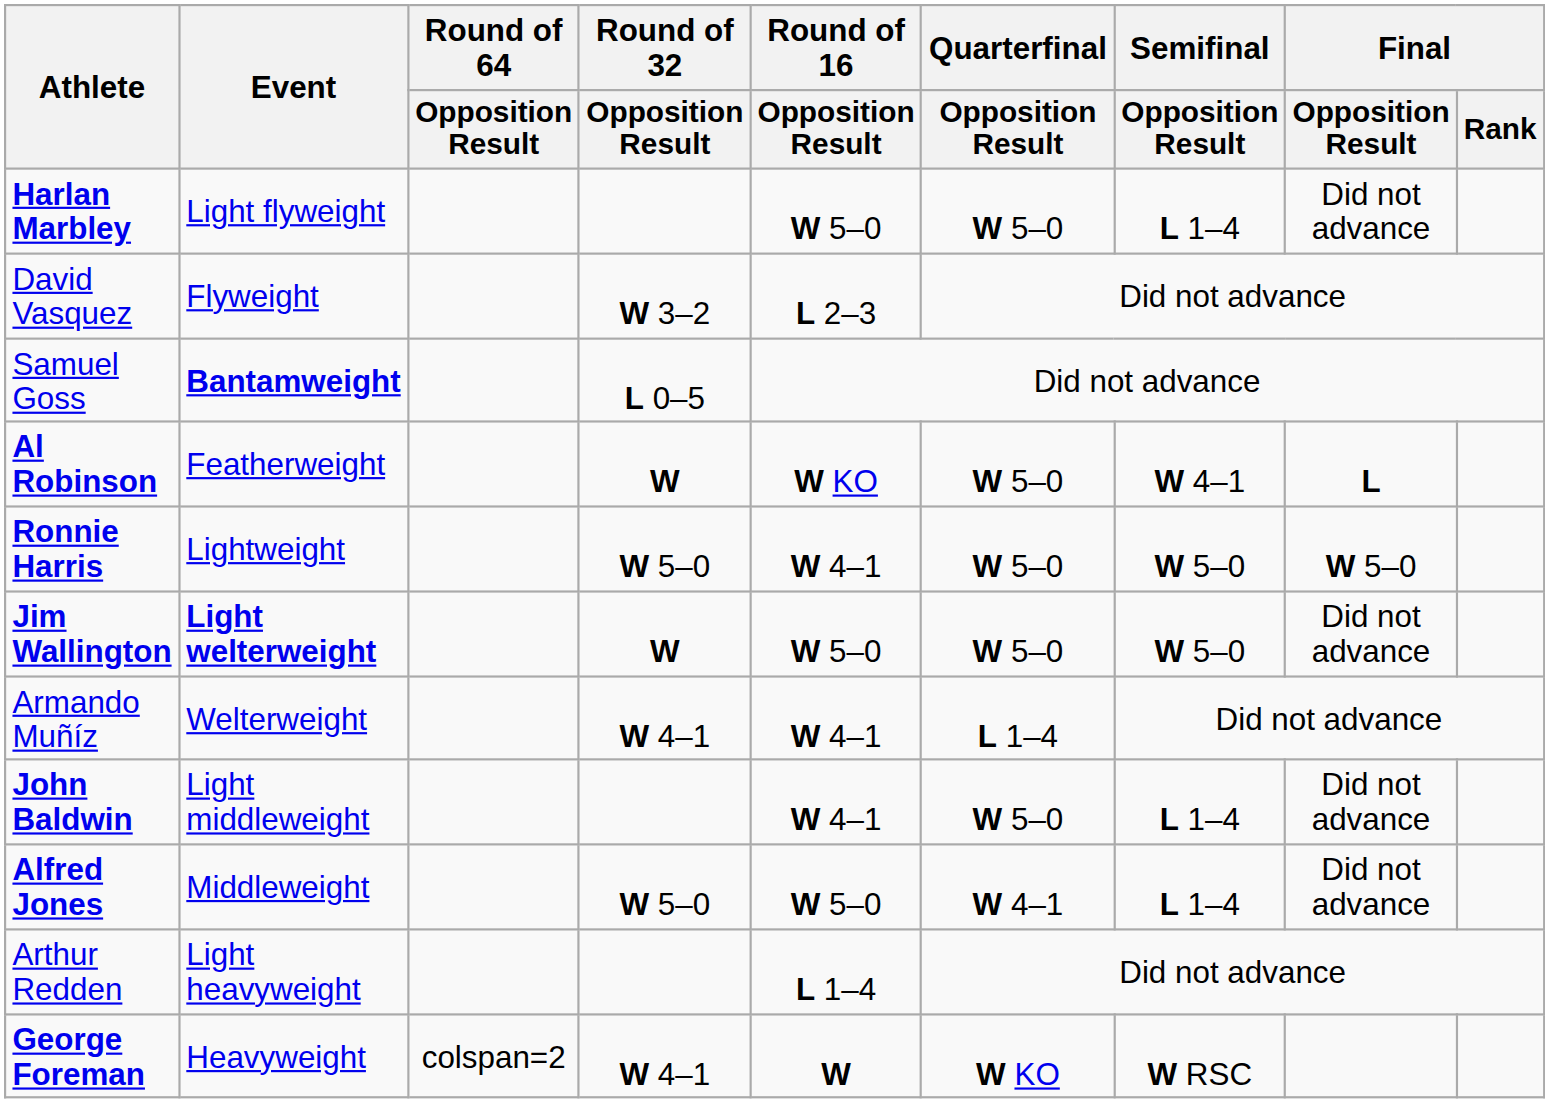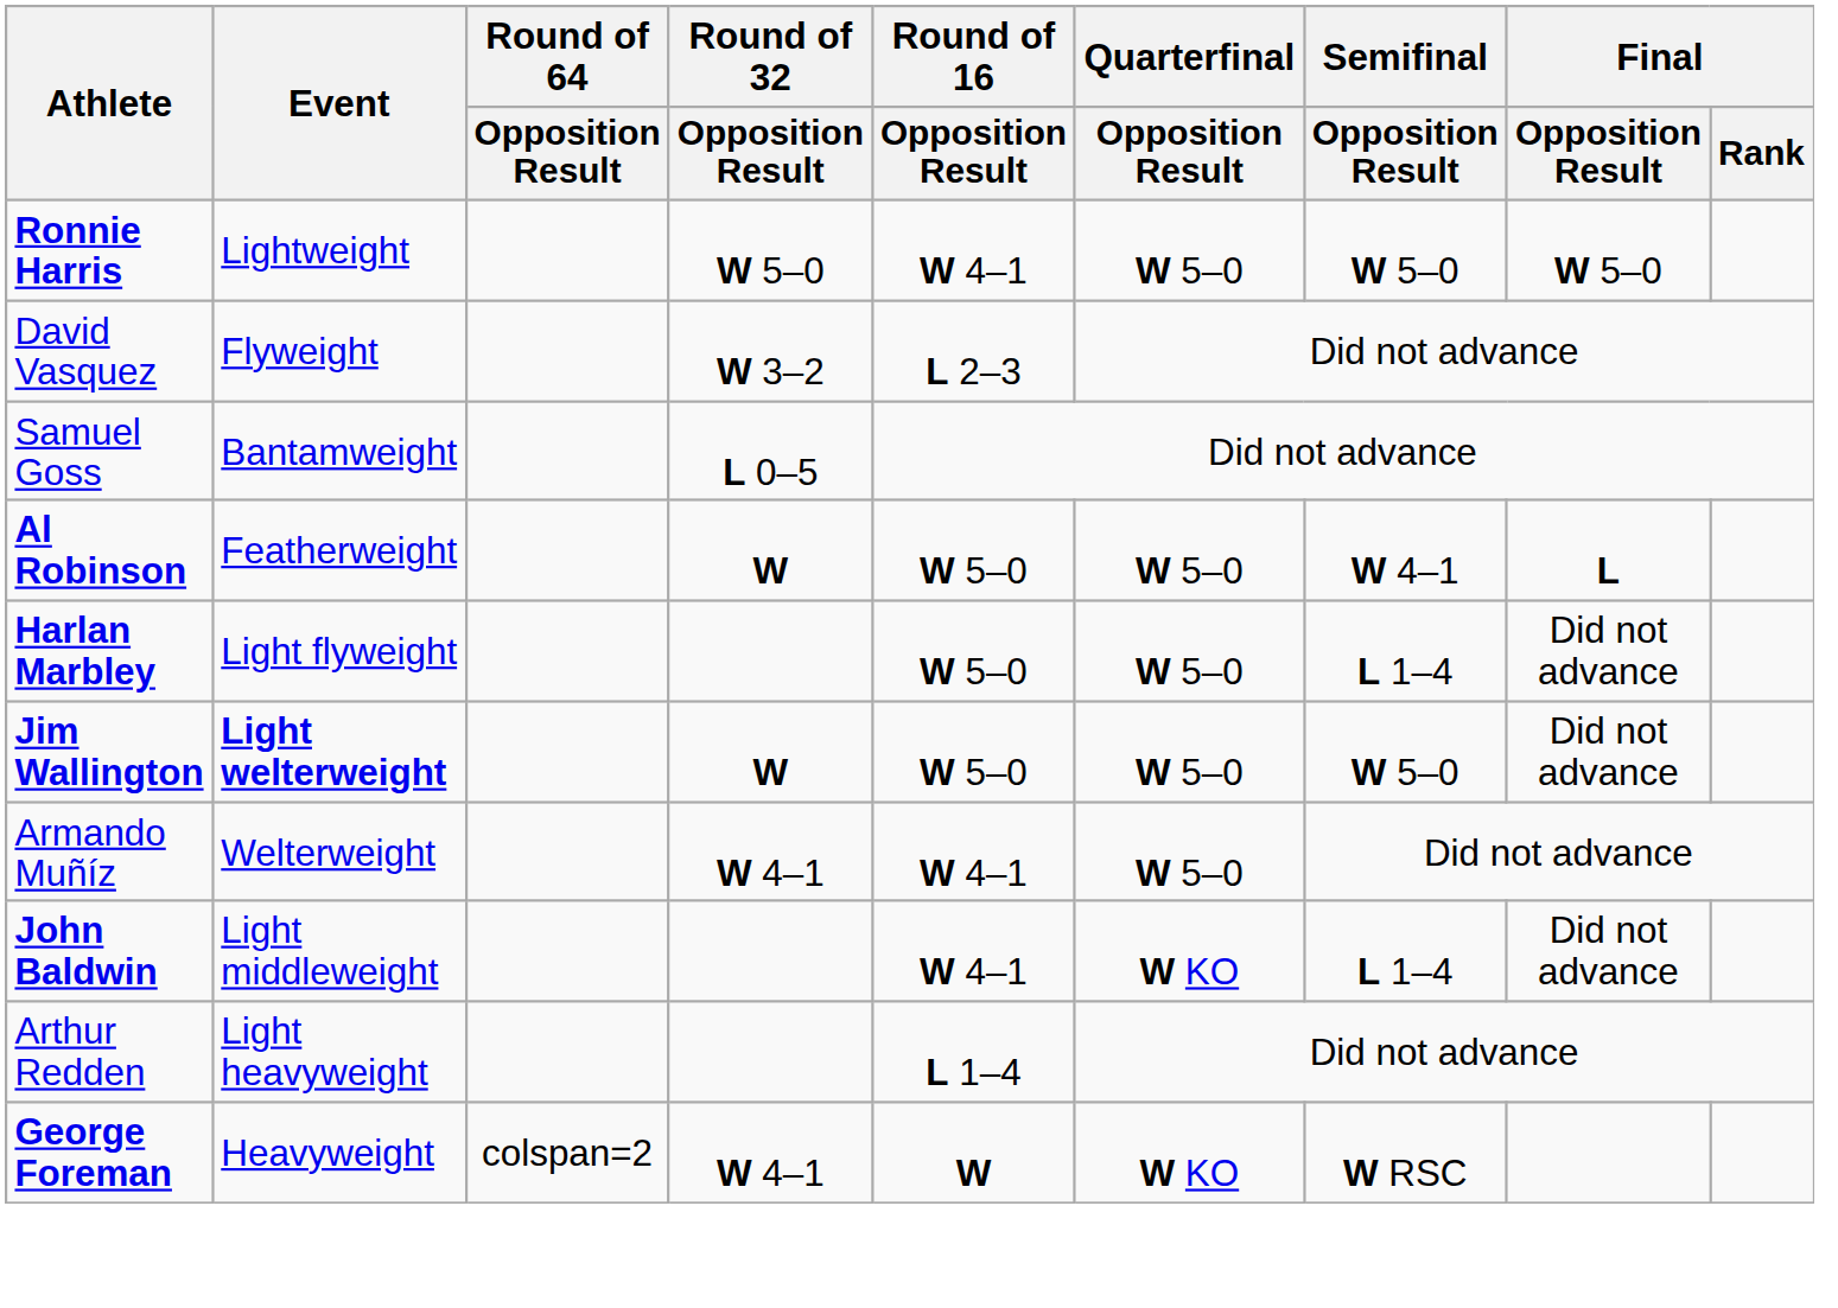 <table class=wikitable style=font-size:90%;text-align:center>
 <tr>
 <th rowspan=2>Athlete</th>
 <th rowspan=2>Event</th>
 <th>Round of 64</th>
 <th>Round of 32</th>
 <th>Round of 16</th>
 <th>Quarterfinal</th>
 <th>Semifinal</th>
 <th colspan=2>Final</th>
 </tr>
 <tr style=font-size:95%>
 <th>Opposition<br>Result</th>
 <th>Opposition<br>Result</th>
 <th>Opposition<br>Result</th>
 <th>Opposition<br>Result</th>
 <th>Opposition<br>Result</th>
 <th>Opposition<br>Result</th>
 <th>Rank</th>
 </tr>
 <tr>
-<td align=left><strong><a href='#'>Harlan Marbley</a></strong></td>
-<td align=left><a href='#'>Light flyweight</a></td>
-<td></td>
+<td align=left><strong><a href='#'>Ronnie Harris</a></strong></td>
+<td align=left><a href='#'>Lightweight</a></td>
 <td></td>
 <td><br><strong>W</strong> 5–0</td>
+<td><br><strong>W</strong> 4–1</td>
 <td><br><strong>W</strong> 5–0</td>
-<td><br><strong>L</strong> 1–4</td>
-<td>Did not advance</td>
+<td><br><strong>W</strong> 5–0</td>
+<td><br><strong>W</strong> 5–0</td>
 <td></td>
 </tr>
 <tr>
 <td align=left><a href='#'>David Vasquez</a></td>
 <td align=left><a href='#'>Flyweight</a></td>
 <td></td>
 <td><br><strong>W</strong> 3–2</td>
 <td><br><strong>L</strong> 2–3</td>
 <td colspan=4>Did not advance</td>
 </tr>
 <tr>
 <td align=left><a href='#'>Samuel Goss</a></td>
-<td align=left><strong><a href='#'>Bantamweight</a></strong></td>
+<td align=left><a href='#'>Bantamweight</a></td>
 <td></td>
 <td><br><strong>L</strong> 0–5</td>
 <td colspan=5>Did not advance</td>
 </tr>
 <tr>
 <td align=left><strong><a href='#'>Al Robinson</a></strong></td>
 <td align=left><a href='#'>Featherweight</a></td>
 <td></td>
 <td><br><strong>W</strong> </td>
-<td><br><strong>W</strong> <a href='#'>KO</a></td>
+<td><br><strong>W</strong> 5–0</td>
 <td><br><strong>W</strong> 5–0</td>
 <td><br><strong>W</strong> 4–1</td>
 <td><br><strong>L</strong> </td>
 <td></td>
 </tr>
 <tr>
-<td align=left><strong><a href='#'>Ronnie Harris</a></strong></td>
-<td align=left><a href='#'>Lightweight</a></td>
+<td align=left><strong><a href='#'>Harlan Marbley</a></strong></td>
+<td align=left><a href='#'>Light flyweight</a></td>
+<td></td>
 <td></td>
 <td><br><strong>W</strong> 5–0</td>
-<td><br><strong>W</strong> 4–1</td>
 <td><br><strong>W</strong> 5–0</td>
-<td><br><strong>W</strong> 5–0</td>
-<td><br><strong>W</strong> 5–0</td>
+<td><br><strong>L</strong> 1–4</td>
+<td>Did not advance</td>
 <td></td>
 </tr>
 <tr>
 <td align=left><strong><a href='#'>Jim Wallington</a></strong></td>
 <td align=left><strong><a href='#'>Light welterweight</a></strong></td>
 <td></td>
 <td><br><strong>W</strong> </td>
 <td><br><strong>W</strong> 5–0</td>
 <td><br><strong>W</strong> 5–0</td>
 <td><br><strong>W</strong> 5–0</td>
 <td>Did not advance</td>
 <td></td>
 </tr>
 <tr>
 <td align=left><a href='#'>Armando Muñíz</a></td>
 <td align=left><a href='#'>Welterweight</a></td>
 <td></td>
 <td><br><strong>W</strong> 4–1</td>
 <td><br><strong>W</strong> 4–1</td>
-<td><br><strong>L</strong> 1–4</td>
+<td><br><strong>W</strong> 5–0</td>
 <td colspan=3>Did not advance</td>
 </tr>
 <tr>
 <td align=left><strong><a href='#'>John Baldwin</a></strong></td>
 <td align=left><a href='#'>Light middleweight</a></td>
 <td></td>
 <td></td>
 <td><br><strong>W</strong> 4–1</td>
-<td><br><strong>W</strong> 5–0</td>
-<td><br><strong>L</strong> 1–4</td>
-<td>Did not advance</td>
-<td></td>
-</tr>
-<tr>
-<td align=left><strong><a href='#'>Alfred Jones</a></strong></td>
-<td align=left><a href='#'>Middleweight</a></td>
-<td></td>
-<td><br><strong>W</strong> 5–0</td>
-<td><br><strong>W</strong> 5–0</td>
-<td><br><strong>W</strong> 4–1</td>
+<td><br><strong>W</strong> <a href='#'>KO</a></td>
 <td><br><strong>L</strong> 1–4</td>
 <td>Did not advance</td>
 <td></td>
 </tr>
 <tr>
 <td align=left><a href='#'>Arthur Redden</a></td>
 <td align=left><a href='#'>Light heavyweight</a></td>
 <td></td>
 <td></td>
 <td><br><strong>L</strong> 1–4</td>
 <td colspan=4>Did not advance</td>
 </tr>
 <tr>
 <td align=left><strong><a href='#'>George Foreman</a></strong></td>
 <td align=left><a href='#'>Heavyweight</a></td>
 <td>colspan=2 </td>
 <td><br><strong>W</strong> 4–1</td>
 <td><br><strong>W</strong> </td>
 <td><br><strong>W</strong> <a href='#'>KO</a></td>
 <td><br><strong>W</strong> RSC</td>
 <td></td>
 </tr>
 </table>
